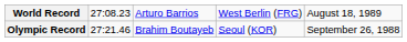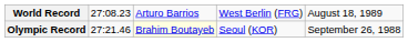 <table class="wikitable" style="font-size:95%;">
 <tr>
 <th>World Record</th>
 <td>27:08.23</td>
 <td> <a href='#'>Arturo Barrios</a></td>
 <td><a href='#'>West Berlin</a> (<a href='#'>FRG</a>)</td>
 <td>August 18, 1989</td>
 </tr>
 <tr>
 <th>Olympic Record</th>
 <td>27:21.46</td>
-<td> <a href='#'>Brahim Boutayeb</a></td>
+<td style="background: lightyellow;"> <a href='#'>Brahim Boutayeb</a></td>
 <td><a href='#'>Seoul</a> (<a href='#'>KOR</a>)</td>
 <td>September 26, 1988</td>
 </tr>
 </table>
